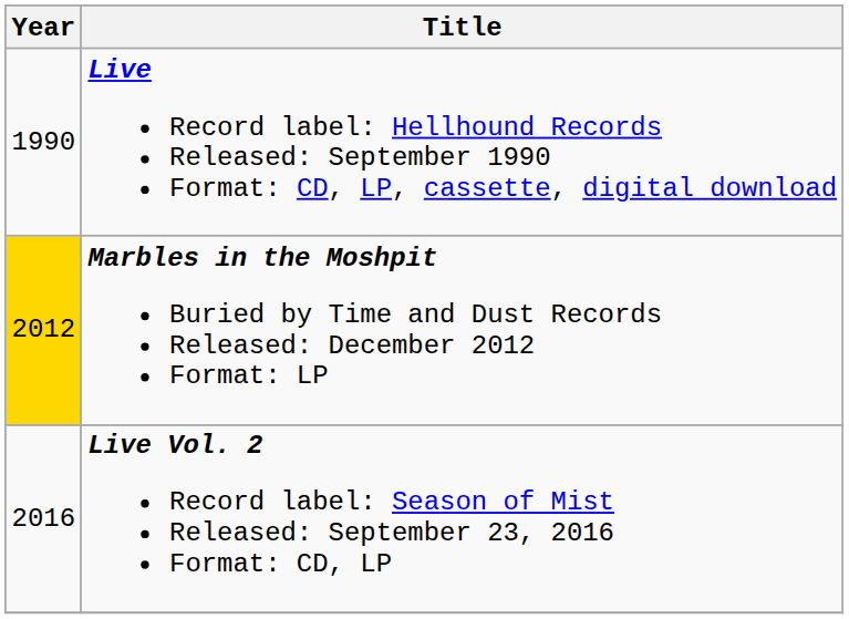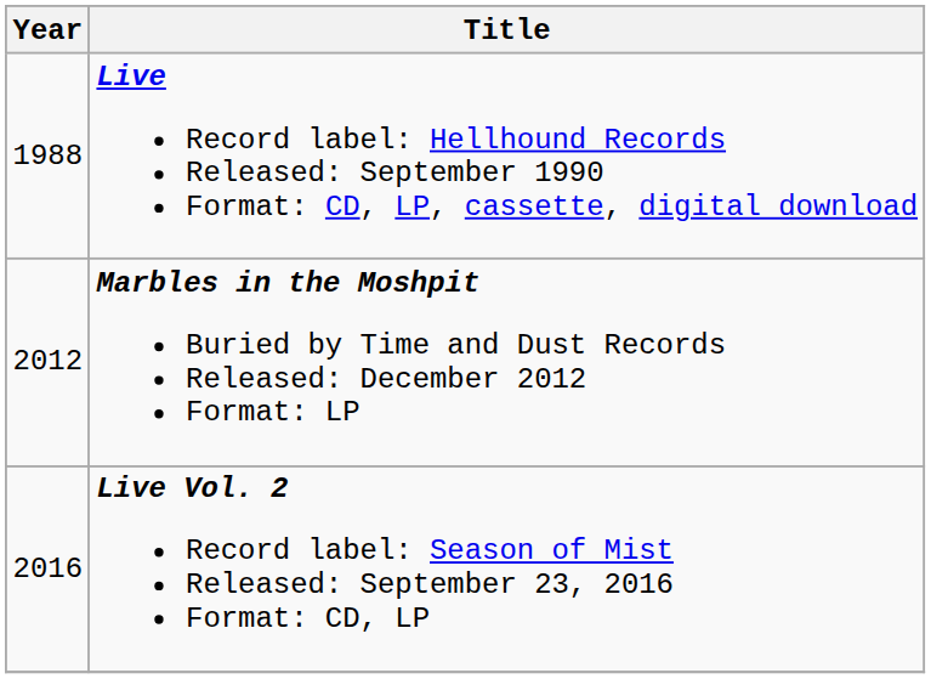 <table class="wikitable">
 <tr>
 <th>Year</th>
 <th>Title</th>
 </tr>
 <tr>
-<td>1990</td>
+<td>1988</td>
 <td><strong><em><a href='#'>Live</a></em></strong><br><ul><li>Record label: <a href='#'>Hellhound Records</a></li><li>Released: September 1990</li><li>Format: <a href='#'>CD</a>, <a href='#'>LP</a>, <a href='#'>cassette</a>, <a href='#'>digital download</a></li></ul></td>
 </tr>
 <tr>
-<td style="background: gold;">2012</td>
+<td>2012</td>
 <td><strong><em>Marbles in the Moshpit</em></strong><br><ul><li>Buried by Time and Dust Records</li><li>Released: December 2012</li><li>Format: LP</li></ul></td>
 </tr>
 <tr>
 <td>2016</td>
 <td><strong><em>Live Vol. 2</em></strong><br><ul><li>Record label: <a href='#'>Season of Mist</a></li><li>Released: September 23, 2016</li><li>Format: CD, LP</li></ul></td>
 </tr>
 <tr>
 </tr>
 </table>
